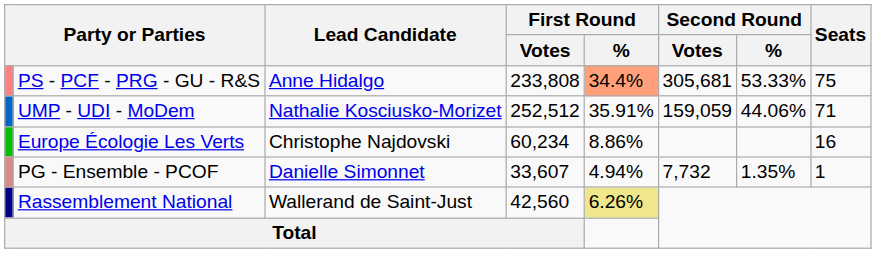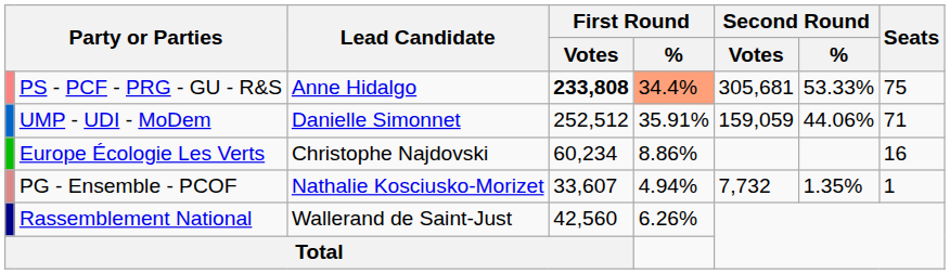 <table class="wikitable centre">
 <tr>
 <th rowspan=2 colspan=2>Party or Parties</th>
 <th rowspan=2>Lead Candidate</th>
 <th colspan=2>First Round</th>
 <th colspan=2>Second Round</th>
 <th rowspan=2>Seats</th>
 </tr>
 <tr>
 <th>Votes</th>
 <th>%</th>
 <th>Votes</th>
 <th>%</th>
 </tr>
 <tr>
 <td bgcolor="#ff8080"></td>
 <td><a href='#'>PS</a> - <a href='#'>PCF</a> - <a href='#'>PRG</a> - GU - R&S</td>
 <td><a href='#'>Anne Hidalgo</a></td>
-<td>233,808</td>
+<td><strong>233,808</strong></td>
 <td style="background: lightsalmon;">34.4%</td>
 <td>305,681</td>
 <td>53.33%</td>
 <td>75</td>
 </tr>
 <tr>
 <td bgcolor="#0066cc"></td>
 <td><a href='#'>UMP</a> - <a href='#'>UDI</a> - <a href='#'>MoDem</a></td>
-<td><a href='#'>Nathalie Kosciusko-Morizet</a></td>
+<td><a href='#'>Danielle Simonnet</a></td>
 <td>252,512</td>
 <td>35.91%</td>
 <td>159,059</td>
 <td>44.06%</td>
 <td>71</td>
 </tr>
 <tr>
 <td bgcolor="#00c000"></td>
 <td><a href='#'>Europe Écologie Les Verts</a></td>
 <td>Christophe Najdovski</td>
 <td>60,234</td>
 <td>8.86%</td>
 <td></td>
 <td></td>
 <td>16</td>
 </tr>
 <tr>
 <td bgcolor="#dd8888"></td>
 <td>PG - Ensemble - PCOF</td>
-<td><a href='#'>Danielle Simonnet</a></td>
+<td><a href='#'>Nathalie Kosciusko-Morizet</a></td>
 <td>33,607</td>
 <td>4.94%</td>
 <td>7,732</td>
 <td>1.35%</td>
 <td>1</td>
 </tr>
 <tr>
 <td bgcolor="#000088"></td>
 <td><a href='#'>Rassemblement National</a></td>
 <td>Wallerand de Saint-Just</td>
 <td>42,560</td>
-<td style="background: khaki;">6.26%</td>
+<td>6.26%</td>
 <td colspan=3 rowspan=11></td>
 </tr>
 <tr>
 <th colspan=4><strong>Total</strong></th>
 </tr>
 </table>
